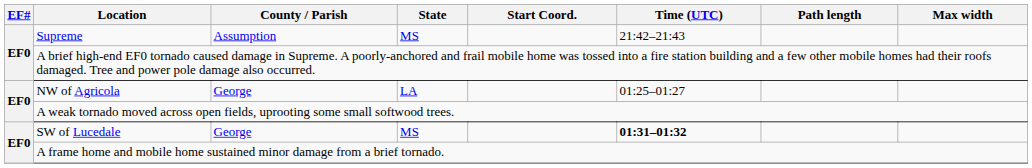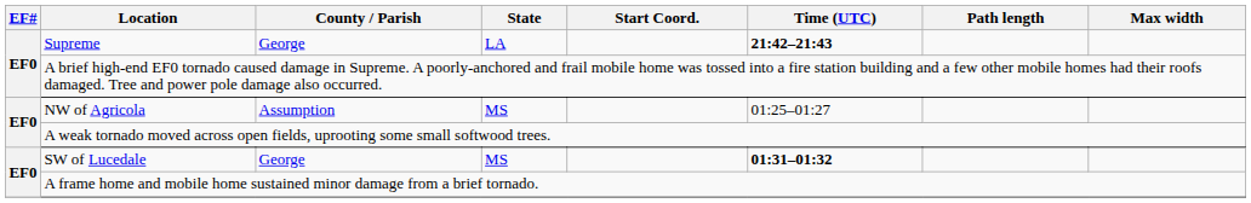 <table class="wikitable sortable" style="width:100%;">
 <tr>
 <th scope="col" width="2%" align="center"><a href='#'>EF#</a></th>
 <th scope="col" align="center" class="unsortable">Location</th>
 <th scope="col" align="center" class="unsortable">County / Parish</th>
 <th scope="col" align="center">State</th>
 <th scope="col" align="center">Start Coord.</th>
 <th scope="col" align="center">Time (<a href='#'>UTC</a>)</th>
 <th scope="col" align="center">Path length</th>
 <th scope="col" align="center">Max width</th>
 </tr>
 <tr>
 <th scope="row" rowspan="2" style="background-color:#">EF0</th>
 <td><a href='#'>Supreme</a></td>
-<td><a href='#'>Assumption</a></td>
-<td><a href='#'>MS</a></td>
+<td><a href='#'>George</a></td>
+<td><a href='#'>LA</a></td>
 <td></td>
-<td>21:42–21:43</td>
+<td><strong>21:42–21:43</strong></td>
 <td></td>
 <td></td>
 </tr>
 <tr class="expand-child">
 <td colspan="8" style=" border-bottom: 1px solid black;">A brief high-end EF0 tornado caused damage in Supreme. A poorly-anchored and frail mobile home was tossed into a fire station building and a few other mobile homes had their roofs damaged. Tree and power pole damage also occurred.</td>
 </tr>
 <tr>
 <th scope="row" rowspan="2" style="background-color:#">EF0</th>
 <td>NW of <a href='#'>Agricola</a></td>
-<td><a href='#'>George</a></td>
-<td><a href='#'>LA</a></td>
+<td><a href='#'>Assumption</a></td>
+<td><a href='#'>MS</a></td>
 <td></td>
 <td>01:25–01:27</td>
 <td></td>
 <td></td>
 </tr>
 <tr class="expand-child">
 <td colspan="8" style=" border-bottom: 1px solid black;">A weak tornado moved across open fields, uprooting some small softwood trees.</td>
 </tr>
 <tr>
 <th scope="row" rowspan="2" style="background-color:#">EF0</th>
 <td>SW of <a href='#'>Lucedale</a></td>
 <td><a href='#'>George</a></td>
 <td><a href='#'>MS</a></td>
 <td></td>
 <td><strong>01:31–01:32</strong></td>
 <td></td>
 <td></td>
 </tr>
 <tr class="expand-child">
 <td colspan="8" style=" border-bottom: 1px solid black;">A frame home and mobile home sustained minor damage from a brief tornado.</td>
 </tr>
 <tr>
 </tr>
 </table>
